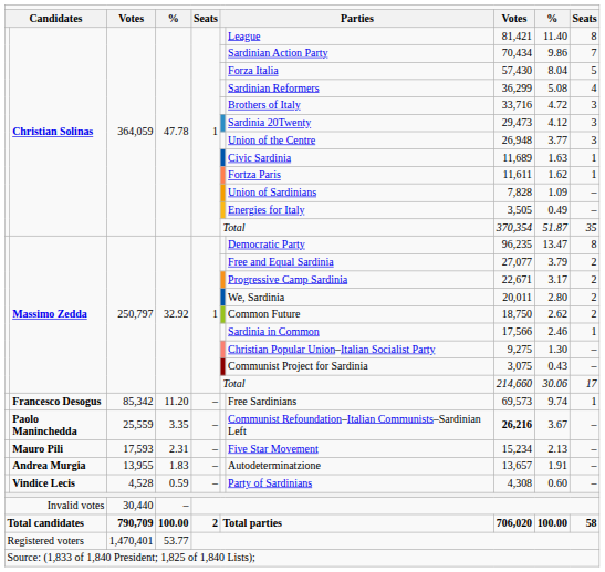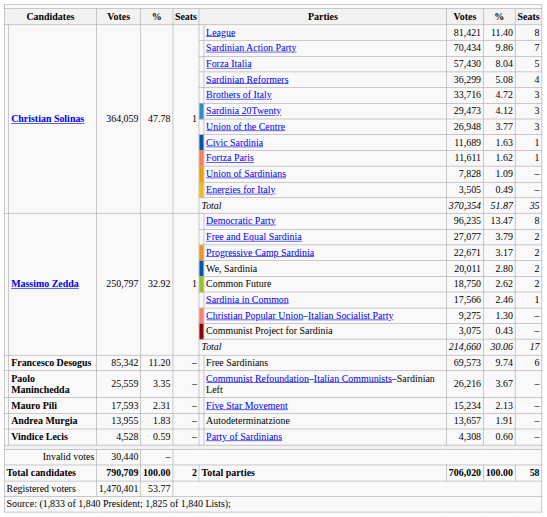 <table class="wikitable" style=text-align:right>
 <tr>
 <td colspan="10"></td>
 </tr>
 <tr>
 <th colspan="2">Candidates</th>
 <th>Votes</th>
 <th>%</th>
 <th>Seats</th>
 <th colspan="2">Parties</th>
 <th>Votes</th>
 <th>%</th>
 <th>Seats</th>
 </tr>
 <tr>
 <td rowspan="12"></td>
 <td rowspan="12" align="left"><strong><a href='#'>Christian Solinas</a></strong></td>
 <td rowspan="12">364,059</td>
 <td rowspan="12">47.78</td>
 <td rowspan="12">1</td>
 <td></td>
 <td align="left"><a href='#'>League</a></td>
 <td>81,421</td>
 <td>11.40</td>
 <td>8</td>
 </tr>
 <tr>
 <td></td>
 <td align="left"><a href='#'>Sardinian Action Party</a></td>
 <td>70,434</td>
 <td>9.86</td>
 <td>7</td>
 </tr>
 <tr>
 <td></td>
 <td align="left"><a href='#'>Forza Italia</a></td>
 <td>57,430</td>
 <td>8.04</td>
 <td>5</td>
 </tr>
 <tr>
 <td></td>
 <td align="left"><a href='#'>Sardinian Reformers</a></td>
 <td>36,299</td>
 <td>5.08</td>
 <td>4</td>
 </tr>
 <tr>
 <td></td>
 <td align="left"><a href='#'>Brothers of Italy</a></td>
 <td>33,716</td>
 <td>4.72</td>
 <td>3</td>
 </tr>
 <tr>
 <td bgcolor="#2d8ec5"></td>
 <td align="left"><a href='#'>Sardinia 20Twenty</a></td>
 <td>29,473</td>
 <td>4.12</td>
 <td>3</td>
 </tr>
 <tr>
 <td></td>
 <td align="left"><a href='#'>Union of the Centre</a></td>
 <td>26,948</td>
 <td>3.77</td>
 <td>3</td>
 </tr>
 <tr>
 <td bgcolor="#0055AB"></td>
 <td align="left"><a href='#'>Civic Sardinia</a></td>
 <td>11,689</td>
 <td>1.63</td>
 <td>1</td>
 </tr>
 <tr>
 <td bgcolor="#FF7F50"></td>
 <td align="left"><a href='#'>Fortza Paris</a></td>
 <td>11,611</td>
 <td>1.62</td>
 <td>1</td>
 </tr>
 <tr>
 <td bgcolor="#F59E00"></td>
 <td align="left"><a href='#'>Union of Sardinians</a></td>
 <td>7,828</td>
 <td>1.09</td>
 <td>–</td>
 </tr>
 <tr>
 <td bgcolor="#FBB917"></td>
 <td align="left"><a href='#'>Energies for Italy</a></td>
 <td>3,505</td>
 <td>0.49</td>
 <td>–</td>
 </tr>
 <tr>
 <td colspan="2" align="left"><em>Total</em></td>
 <td><em>370,354</em></td>
 <td><em>51.87</em></td>
 <td><em>35</em></td>
 </tr>
 <tr>
 <td rowspan="9"></td>
 <td rowspan="9" align="left"><strong><a href='#'>Massimo Zedda</a></strong></td>
 <td rowspan="9">250,797</td>
 <td rowspan="9">32.92</td>
 <td rowspan="9">1</td>
 <td></td>
 <td align="left"><a href='#'>Democratic Party</a></td>
 <td>96,235</td>
 <td>13.47</td>
 <td>8</td>
 </tr>
 <tr>
 <td style="background-color:"></td>
 <td align="left"><a href='#'>Free and Equal Sardinia</a></td>
 <td>27,077</td>
 <td>3.79</td>
 <td>2</td>
 </tr>
 <tr>
 <td bgcolor=F7921C></td>
 <td align="left"><a href='#'>Progressive Camp Sardinia</a></td>
 <td>22,671</td>
 <td>3.17</td>
 <td>2</td>
 </tr>
 <tr>
 <td style="background-color:#0055AA"></td>
 <td align="left">We, Sardinia</td>
 <td>20,011</td>
 <td>2.80</td>
 <td>2</td>
 </tr>
 <tr>
 <td bgcolor="#98c21f"></td>
 <td align="left">Common Future</td>
 <td>18,750</td>
 <td>2.62</td>
 <td>2</td>
 </tr>
 <tr>
 <td></td>
 <td align="left"><a href='#'>Sardinia in Common</a></td>
 <td>17,566</td>
 <td>2.46</td>
 <td>1</td>
 </tr>
 <tr>
 <td bgcolor="salmon"></td>
 <td align="left"><a href='#'>Christian Popular Union</a>–<a href='#'>Italian Socialist Party</a></td>
 <td>9,275</td>
 <td>1.30</td>
 <td>–</td>
 </tr>
 <tr>
 <td bgcolor="#8B0000"></td>
 <td align="left">Communist Project for Sardinia</td>
 <td>3,075</td>
 <td>0.43</td>
 <td>–</td>
 </tr>
 <tr>
 <td colspan="2" align="left"><em>Total</em></td>
 <td><em>214,660</em></td>
 <td><em>30.06</em></td>
 <td><em>17</em></td>
 </tr>
 <tr>
 <td style="background-color:"></td>
 <td align="left"><strong>Francesco Desogus</strong></td>
 <td>85,342</td>
 <td>11.20</td>
 <td>–</td>
 <td style="background-color:"></td>
 <td align="left">Free Sardinians</td>
 <td>69,573</td>
 <td>9.74</td>
-<td>1</td>
+<td>6</td>
 </tr>
 <tr>
 <td style="background-color:"></td>
 <td align="left"><strong>Paolo Maninchedda</strong></td>
 <td>25,559</td>
 <td>3.35</td>
 <td>–</td>
 <td style="background-color:"></td>
 <td align="left"><a href='#'>Communist Refoundation</a>–<a href='#'>Italian Communists</a>–Sardinian Left</td>
-<td><strong>26,216</strong></td>
+<td>26,216</td>
 <td>3.67</td>
 <td>–</td>
 </tr>
 <tr>
 <td style="background-color:"></td>
 <td align="left"><strong>Mauro Pili</strong></td>
 <td>17,593</td>
 <td>2.31</td>
 <td>–</td>
 <td style="background-color:"></td>
 <td align="left"><a href='#'>Five Star Movement</a></td>
 <td>15,234</td>
 <td>2.13</td>
 <td>–</td>
 </tr>
 <tr>
 <td style="background-color:"></td>
 <td align="left"><strong>Andrea Murgia</strong></td>
 <td>13,955</td>
 <td>1.83</td>
 <td>–</td>
 <td style="background-color:"></td>
 <td align="left">Autodeterminatzione</td>
 <td>13,657</td>
 <td>1.91</td>
 <td>–</td>
 </tr>
 <tr>
 <td style="background-color:"></td>
 <td align="left"><strong>Vindice Lecis</strong></td>
 <td>4,528</td>
 <td>0.59</td>
 <td>–</td>
 <td style="background-color:"></td>
 <td align="left"><a href='#'>Party of Sardinians</a></td>
 <td>4,308</td>
 <td>0.60</td>
 <td>–</td>
 </tr>
 <tr>
 <th colspan="10"></th>
 </tr>
 <tr>
 <td colspan="2">Invalid votes</td>
 <td align=right>30,440</td>
 <td align=right>–</td>
 <td colspan="6"></td>
 </tr>
 <tr>
 <td colspan="2" align=left><strong>Total candidates</strong></td>
 <td><strong>790,709</strong></td>
 <td><strong>100.00</strong></td>
 <td><strong>2</strong></td>
 <td colspan="2" align=left><strong>Total parties</strong></td>
 <td><strong>706,020</strong></td>
 <td><strong>100.00</strong></td>
 <td><strong>58</strong></td>
 </tr>
 <tr>
 <td colspan="2" align=left>Registered voters</td>
 <td>1,470,401</td>
 <td>53.77</td>
 <td colspan=6></td>
 </tr>
 <tr>
 <td colspan="11" align=left>Source:   (1,833 of 1,840 President; 1,825 of 1,840 Lists); </td>
 </tr>
 </table>
